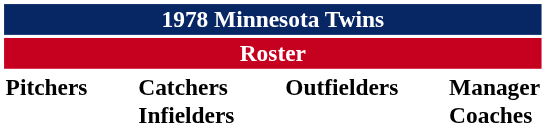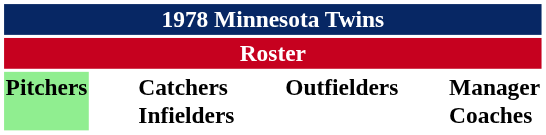 <table class="toccolours" style="font-size: 95%;">
 <tr>
 <th colspan="10" style="background-color: #072764; color: white; text-align: center;">1978 Minnesota Twins</th>
 </tr>
 <tr>
 <td colspan="10" style="background-color: #c6011f; color: white; text-align: center;"><strong>Roster</strong></td>
 </tr>
 <tr>
-<td valign="top"><strong>Pitchers</strong><br>               </td>
+<td valign="top" style="background: lightgreen;"><strong>Pitchers</strong><br>               </td>
 <td width="25px"></td>
 <td valign="top"><strong>Catchers</strong><br>  <strong>Infielders</strong>        </td>
 <td width="25px"></td>
 <td valign="top"><strong>Outfielders</strong><br>      </td>
 <td width="25px"></td>
 <td valign="top"><strong>Manager</strong><br> <strong>Coaches</strong>    </td>
 </tr>
 <tr>
 </tr>
 </table>
